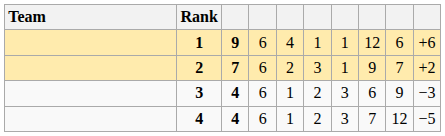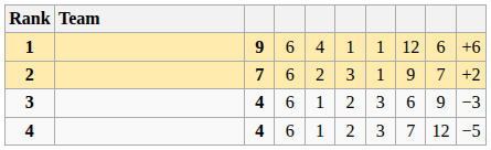 <table class="wikitable" style="text-align:center">
 <tr>
+<th width=30>Rank</th>
 <th width=165 style="text-align:left">Team</th>
-<th width=30>Rank</th>
 <th width=20></th>
 <th width=20></th>
 <th width=20></th>
 <th width=20></th>
 <th width=20></th>
 <th width=20></th>
 <th width=20></th>
 <th width=20></th>
 </tr>
 <tr bgcolor="#ffebad">
+<td><strong>1</strong></td>
 <td style="text-align:left"></td>
-<td><strong>1</strong></td>
 <td><strong>9</strong></td>
 <td>6</td>
 <td>4</td>
 <td>1</td>
 <td>1</td>
 <td>12</td>
 <td>6</td>
 <td>+6</td>
 </tr>
 <tr bgcolor="#ffebad">
+<td><strong>2</strong></td>
 <td style="text-align:left"></td>
-<td><strong>2</strong></td>
 <td><strong>7</strong></td>
 <td>6</td>
 <td>2</td>
 <td>3</td>
 <td>1</td>
 <td>9</td>
 <td>7</td>
 <td>+2</td>
 </tr>
 <tr>
+<td><strong>3</strong></td>
 <td style="text-align:left"></td>
-<td><strong>3</strong></td>
 <td><strong>4</strong></td>
 <td>6</td>
 <td>1</td>
 <td>2</td>
 <td>3</td>
 <td>6</td>
 <td>9</td>
 <td>−3</td>
 </tr>
 <tr>
+<td><strong>4</strong></td>
 <td style="text-align:left"></td>
-<td><strong>4</strong></td>
 <td><strong>4</strong></td>
 <td>6</td>
 <td>1</td>
 <td>2</td>
 <td>3</td>
 <td>7</td>
 <td>12</td>
 <td>−5</td>
 </tr>
 </table>
